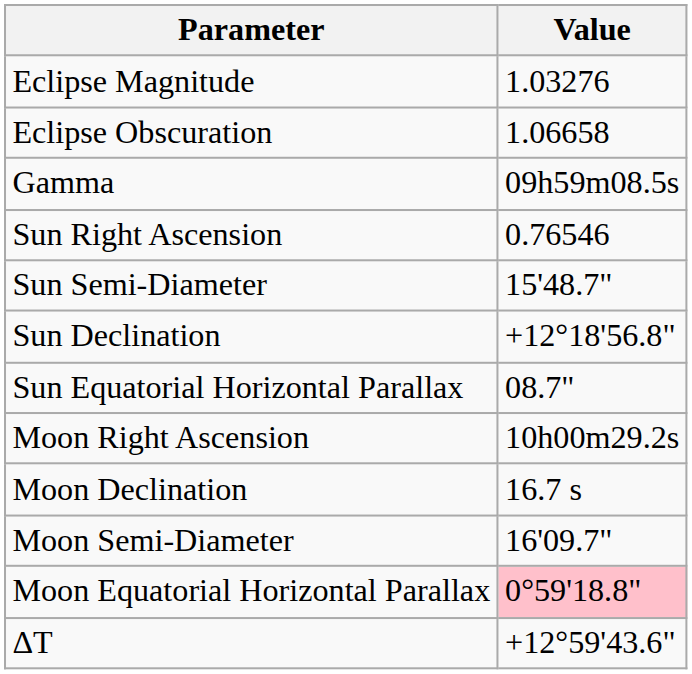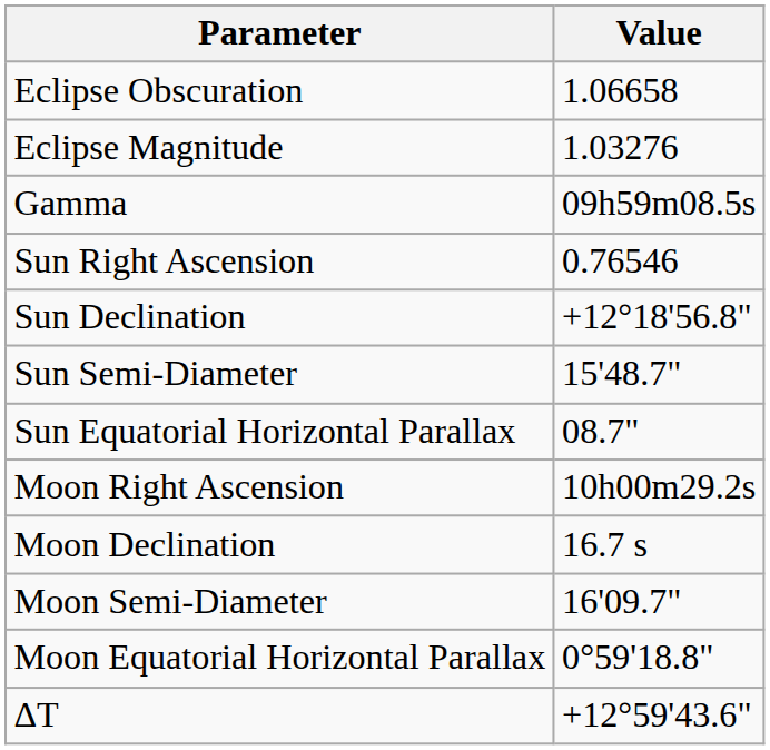 <table class="wikitable">
 <tr>
 <th>Parameter</th>
 <th>Value</th>
 </tr>
 <tr>
+<td>Eclipse Obscuration</td>
+<td>1.06658</td>
+</tr>
+<tr>
 <td>Eclipse Magnitude</td>
 <td>1.03276</td>
-</tr>
-<tr>
-<td>Eclipse Obscuration</td>
-<td>1.06658</td>
 </tr>
 <tr>
 <td>Gamma</td>
 <td>09h59m08.5s</td>
 </tr>
 <tr>
 <td>Sun Right Ascension</td>
 <td>0.76546</td>
 </tr>
 <tr>
+<td>Sun Declination</td>
+<td>+12°18'56.8"</td>
+</tr>
+<tr>
 <td>Sun Semi-Diameter</td>
 <td>15'48.7"</td>
-</tr>
-<tr>
-<td>Sun Declination</td>
-<td>+12°18'56.8"</td>
 </tr>
 <tr>
 <td>Sun Equatorial Horizontal Parallax</td>
 <td>08.7"</td>
 </tr>
 <tr>
 <td>Moon Right Ascension</td>
 <td>10h00m29.2s</td>
 </tr>
 <tr>
 <td>Moon Declination</td>
 <td>16.7 s</td>
 </tr>
 <tr>
 <td>Moon Semi-Diameter</td>
 <td>16'09.7"</td>
 </tr>
 <tr>
 <td>Moon Equatorial Horizontal Parallax</td>
-<td style="background: pink;">0°59'18.8"</td>
+<td>0°59'18.8"</td>
 </tr>
 <tr>
 <td>ΔT</td>
 <td>+12°59'43.6"</td>
 </tr>
 </table>
